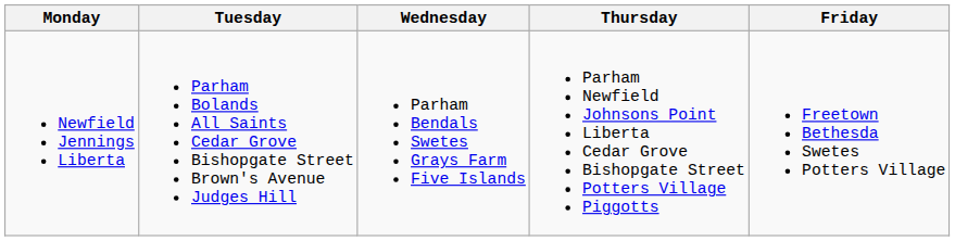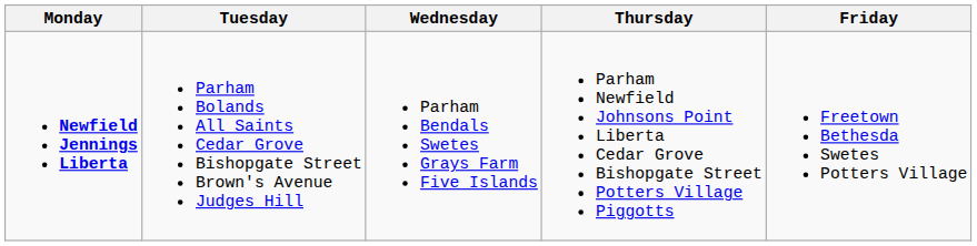 <table class="wikitable">
 <tr>
 <th>Monday</th>
 <th>Tuesday</th>
 <th>Wednesday</th>
 <th>Thursday</th>
 <th>Friday</th>
 </tr>
 <tr>
-<td><br><ul><li><a href='#'>Newfield</a></li><li><a href='#'>Jennings</a></li><li><a href='#'>Liberta</a></li></ul></td>
+<td><strong><br><ul><li><a href='#'>Newfield</a></li><li><a href='#'>Jennings</a></li><li><a href='#'>Liberta</a></li></ul></strong></td>
 <td><br><ul><li><a href='#'>Parham</a></li><li><a href='#'>Bolands</a></li><li><a href='#'>All Saints</a></li><li><a href='#'>Cedar Grove</a></li><li>Bishopgate Street</li><li>Brown's Avenue</li><li><a href='#'>Judges Hill</a></li></ul></td>
 <td><br><ul><li>Parham</li><li><a href='#'>Bendals</a></li><li><a href='#'>Swetes</a></li><li><a href='#'>Grays Farm</a></li><li><a href='#'>Five Islands</a></li></ul></td>
 <td><br><ul><li>Parham</li><li>Newfield</li><li><a href='#'>Johnsons Point</a></li><li>Liberta</li><li>Cedar Grove</li><li>Bishopgate Street</li><li><a href='#'>Potters Village</a></li><li><a href='#'>Piggotts</a></li></ul></td>
 <td><br><ul><li><a href='#'>Freetown</a></li><li><a href='#'>Bethesda</a></li><li>Swetes</li><li>Potters Village</li></ul></td>
 </tr>
 </table>
